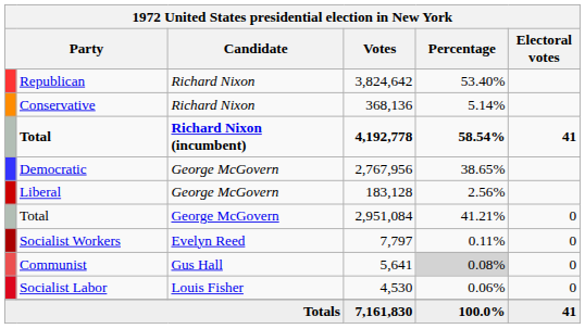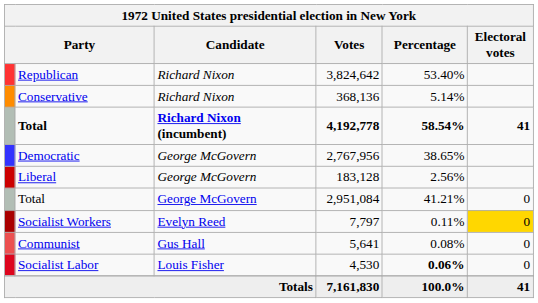 <table class="wikitable" style="font-size: 95%;">
 <tr>
 <th colspan="6">1972 United States presidential election in New York</th>
 </tr>
 <tr>
 <th colspan="2" style="width: 15em">Party</th>
 <th style="width: 17em">Candidate</th>
 <th style="width: 5em">Votes</th>
 <th style="width: 7em">Percentage</th>
 <th style="width: 5em">Electoral votes</th>
 </tr>
 <tr>
 <th style="background-color:#FF3333; width: 3px"></th>
 <td style="width: 130px"><a href='#'>Republican</a></td>
 <td><em>Richard Nixon</em></td>
 <td align="right">3,824,642</td>
 <td align="right">53.40%</td>
 <td align="right"></td>
 </tr>
 <tr>
 <th style="background-color:#FF8C00; width: 3px"></th>
 <td style="width: 130px"><a href='#'>Conservative</a></td>
 <td><em>Richard Nixon</em></td>
 <td align="right">368,136</td>
 <td align="right">5.14%</td>
 <td align="right"></td>
 </tr>
 <tr>
 <th style="background-color:#B2BEB5; width: 3px"></th>
 <td style="width: 130px"><strong>Total</strong></td>
 <td><strong><a href='#'>Richard Nixon</a> (incumbent)</strong></td>
 <td align="right"><strong>4,192,778</strong></td>
 <td align="right"><strong>58.54%</strong></td>
 <td align="right"><strong>41</strong></td>
 </tr>
 <tr>
 <th style="background-color:#3333FF; width: 3px"></th>
 <td style="width: 130px"><a href='#'>Democratic</a></td>
 <td><em>George McGovern</em></td>
 <td align="right">2,767,956</td>
 <td align="right">38.65%</td>
 <td align="right"></td>
 </tr>
 <tr>
 <th style="background-color:#CC0000; width: 3px"></th>
 <td style="width: 130px"><a href='#'>Liberal</a></td>
 <td><em>George McGovern</em></td>
 <td align="right">183,128</td>
 <td align="right">2.56%</td>
 <td align="right"></td>
 </tr>
 <tr>
 <th style="background-color:#B2BEB5; width: 3px"></th>
 <td style="width: 130px">Total</td>
 <td><a href='#'>George McGovern</a></td>
 <td align="right">2,951,084</td>
 <td align="right">41.21%</td>
 <td align="right">0</td>
 </tr>
 <tr>
 <th style="background-color:#AA0000; width: 3px"></th>
 <td style="width: 130px"><a href='#'>Socialist Workers</a></td>
 <td><a href='#'>Evelyn Reed</a></td>
 <td align="right">7,797</td>
 <td align="right">0.11%</td>
-<td align="right">0</td>
+<td align="right" style="background: gold;">0</td>
 </tr>
 <tr>
 <th style="background-color:#EC5050; width: 3px"></th>
 <td style="width: 130px"><a href='#'>Communist</a></td>
 <td><a href='#'>Gus Hall</a></td>
 <td align="right">5,641</td>
-<td align="right" style="background: lightgrey;">0.08%</td>
+<td align="right">0.08%</td>
 <td align="right">0</td>
 </tr>
 <tr>
 <th style="background-color:#DD051D; width: 3px"></th>
 <td style="width: 130px"><a href='#'>Socialist Labor</a></td>
 <td><a href='#'>Louis Fisher</a></td>
 <td align="right">4,530</td>
-<td align="right">0.06%</td>
+<td align="right"><strong>0.06%</strong></td>
 <td align="right">0</td>
 </tr>
 <tr>
 </tr>
 <tr bgcolor="#EEEEEE">
 <td colspan="3" align="right"><strong>Totals</strong></td>
 <td align="right"><strong>7,161,830</strong></td>
 <td align="right"><strong>100.0%</strong></td>
 <td align="right"><strong>41</strong></td>
 </tr>
 </table>
